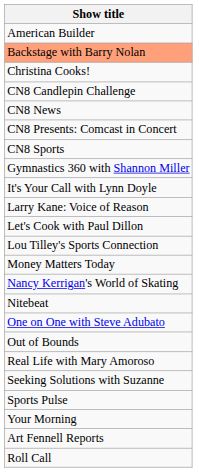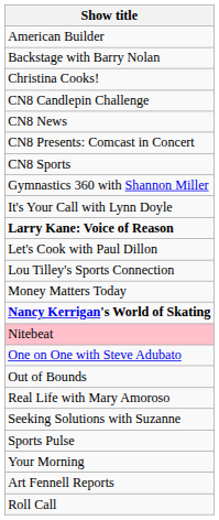 <table class="wikitable">
 <tr>
 <th>Show title</th>
 </tr>
 <tr>
 <td>American Builder</td>
 </tr>
 <tr>
-<td style="background: lightsalmon;">Backstage with Barry Nolan</td>
+<td>Backstage with Barry Nolan</td>
 </tr>
 <tr>
 <td>Christina Cooks!</td>
 </tr>
 <tr>
 <td>CN8 Candlepin Challenge</td>
 </tr>
 <tr>
 <td>CN8 News</td>
 </tr>
 <tr>
 <td>CN8 Presents: Comcast in Concert</td>
 </tr>
 <tr>
 <td>CN8 Sports</td>
 </tr>
 <tr>
 <td>Gymnastics 360 with <a href='#'>Shannon Miller</a></td>
 </tr>
 <tr>
 <td>It's Your Call with Lynn Doyle</td>
 </tr>
 <tr>
-<td>Larry Kane: Voice of Reason</td>
+<td><strong>Larry Kane: Voice of Reason</strong></td>
 </tr>
 <tr>
 <td>Let's Cook with Paul Dillon</td>
 </tr>
 <tr>
 <td>Lou Tilley's Sports Connection</td>
 </tr>
 <tr>
 <td>Money Matters Today</td>
 </tr>
 <tr>
-<td><a href='#'>Nancy Kerrigan</a>'s World of Skating</td>
+<td><strong><a href='#'>Nancy Kerrigan</a>'s World of Skating</strong></td>
 </tr>
 <tr>
-<td>Nitebeat</td>
+<td style="background: pink;">Nitebeat</td>
 </tr>
 <tr>
 <td><a href='#'>One on One with Steve Adubato</a></td>
 </tr>
 <tr>
 <td>Out of Bounds</td>
 </tr>
 <tr>
 <td>Real Life with Mary Amoroso</td>
 </tr>
 <tr>
 <td>Seeking Solutions with Suzanne</td>
 </tr>
 <tr>
 <td>Sports Pulse</td>
 </tr>
 <tr>
 <td>Your Morning</td>
 </tr>
 <tr>
 <td>Art Fennell Reports</td>
 </tr>
 <tr>
 <td>Roll Call</td>
 </tr>
 </table>
